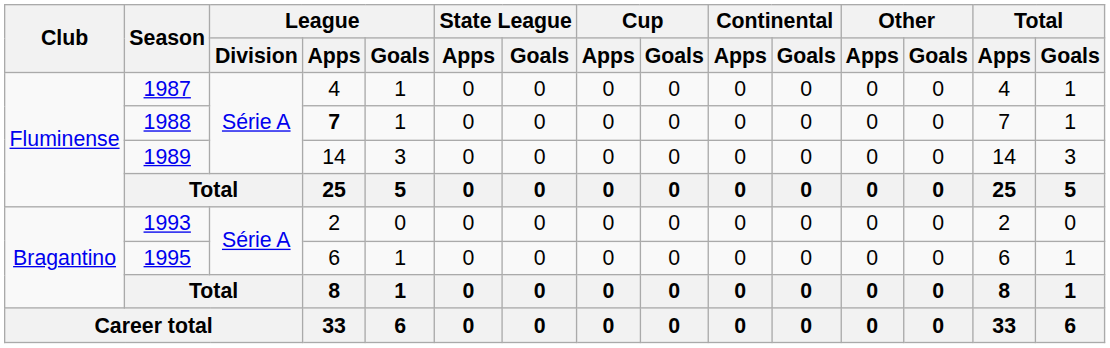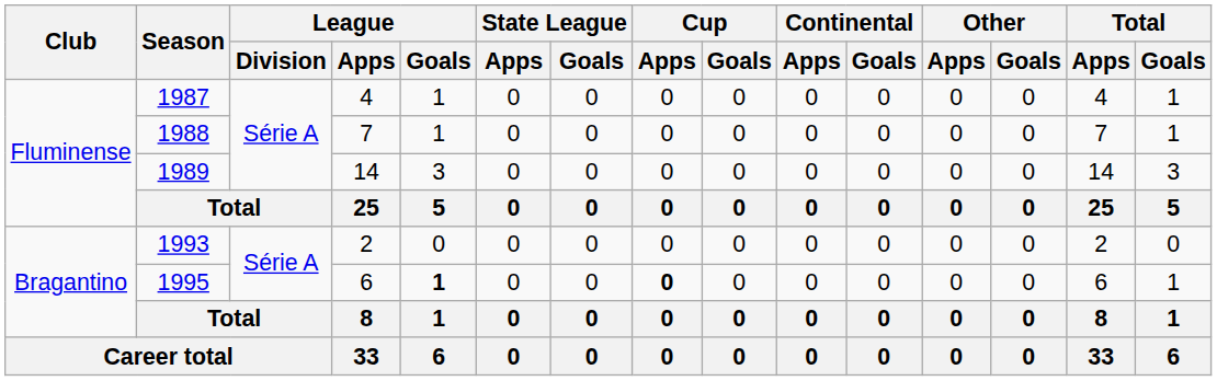 <table class="wikitable" style="text-align: center">
 <tr>
 <th rowspan="2">Club</th>
 <th rowspan="2">Season</th>
 <th colspan="3">League</th>
 <th colspan="2">State League</th>
 <th colspan="2">Cup</th>
 <th colspan="2">Continental</th>
 <th colspan="2">Other</th>
 <th colspan="2">Total</th>
 </tr>
 <tr>
 <th>Division</th>
 <th>Apps</th>
 <th>Goals</th>
 <th>Apps</th>
 <th>Goals</th>
 <th>Apps</th>
 <th>Goals</th>
 <th>Apps</th>
 <th>Goals</th>
 <th>Apps</th>
 <th>Goals</th>
 <th>Apps</th>
 <th>Goals</th>
 </tr>
 <tr>
 <td rowspan="4"><a href='#'>Fluminense</a></td>
 <td><a href='#'>1987</a></td>
 <td rowspan="3"><a href='#'>Série A</a></td>
 <td>4</td>
 <td>1</td>
 <td>0</td>
 <td>0</td>
 <td>0</td>
 <td>0</td>
 <td>0</td>
 <td>0</td>
 <td>0</td>
 <td>0</td>
 <td>4</td>
 <td>1</td>
 </tr>
 <tr>
 <td><a href='#'>1988</a></td>
-<td><strong>7</strong></td>
+<td>7</td>
 <td>1</td>
 <td>0</td>
 <td>0</td>
 <td>0</td>
 <td>0</td>
 <td>0</td>
 <td>0</td>
 <td>0</td>
 <td>0</td>
 <td>7</td>
 <td>1</td>
 </tr>
 <tr>
 <td><a href='#'>1989</a></td>
 <td>14</td>
 <td>3</td>
 <td>0</td>
 <td>0</td>
 <td>0</td>
 <td>0</td>
 <td>0</td>
 <td>0</td>
 <td>0</td>
 <td>0</td>
 <td>14</td>
 <td>3</td>
 </tr>
 <tr>
 <th colspan="2"><strong>Total</strong></th>
 <th>25</th>
 <th>5</th>
 <th>0</th>
 <th>0</th>
 <th>0</th>
 <th>0</th>
 <th>0</th>
 <th>0</th>
 <th>0</th>
 <th>0</th>
 <th>25</th>
 <th>5</th>
 </tr>
 <tr>
 <td rowspan="3"><a href='#'>Bragantino</a></td>
 <td><a href='#'>1993</a></td>
 <td rowspan="2"><a href='#'>Série A</a></td>
 <td>2</td>
 <td>0</td>
 <td>0</td>
 <td>0</td>
 <td>0</td>
 <td>0</td>
 <td>0</td>
 <td>0</td>
 <td>0</td>
 <td>0</td>
 <td>2</td>
 <td>0</td>
 </tr>
 <tr>
 <td><a href='#'>1995</a></td>
 <td>6</td>
-<td>1</td>
+<td><strong>1</strong></td>
 <td>0</td>
 <td>0</td>
-<td>0</td>
+<td><strong>0</strong></td>
 <td>0</td>
 <td>0</td>
 <td>0</td>
 <td>0</td>
 <td>0</td>
 <td>6</td>
 <td>1</td>
 </tr>
 <tr>
 <th colspan="2"><strong>Total</strong></th>
 <th>8</th>
 <th>1</th>
 <th>0</th>
 <th>0</th>
 <th>0</th>
 <th>0</th>
 <th>0</th>
 <th>0</th>
 <th>0</th>
 <th>0</th>
 <th>8</th>
 <th>1</th>
 </tr>
 <tr>
 <th colspan="3"><strong>Career total</strong></th>
 <th>33</th>
 <th>6</th>
 <th>0</th>
 <th>0</th>
 <th>0</th>
 <th>0</th>
 <th>0</th>
 <th>0</th>
 <th>0</th>
 <th>0</th>
 <th>33</th>
 <th>6</th>
 </tr>
 </table>
